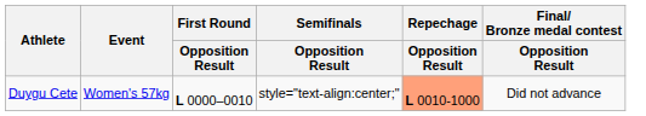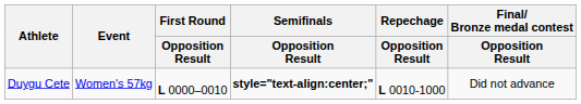 <table class= wikitable style="font-size:90%">
 <tr>
 <th rowspan="2">Athlete</th>
 <th rowspan="2">Event</th>
 <th>First Round</th>
 <th>Semifinals</th>
 <th>Repechage</th>
 <th>Final/<br>Bronze medal contest</th>
 </tr>
 <tr>
 <th>Opposition<br>Result</th>
 <th>Opposition<br>Result</th>
 <th>Opposition<br>Result</th>
 <th>Opposition<br>Result</th>
 </tr>
 <tr>
 <td><a href='#'>Duygu Cete</a></td>
 <td style="text-align:center;"><a href='#'>Women's 57kg</a></td>
 <td style="text-align:center;"><br> <strong>L</strong> 0000–0010</td>
-<td>style="text-align:center;" </td>
-<td style="background: lightsalmon; text-align:center;"><br> <strong>L</strong> 0010-1000</td>
+<td><strong>style="text-align:center;" </strong></td>
+<td style="text-align:center;"><br> <strong>L</strong> 0010-1000</td>
 <td style="text-align:center;">Did not advance</td>
 </tr>
 </table>
